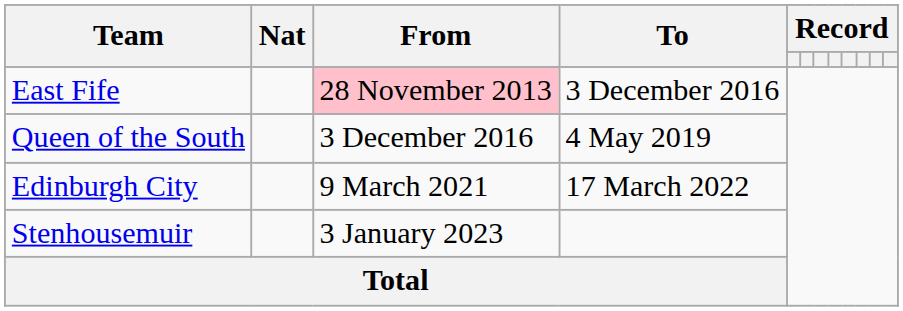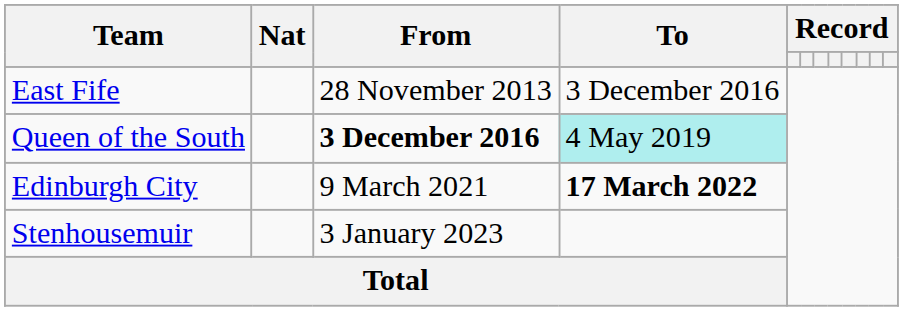 <table class="wikitable" style="text-align: center">
 <tr>
 <th rowspan="2">Team</th>
 <th rowspan="2">Nat</th>
 <th rowspan="2">From</th>
 <th rowspan="2">To</th>
 <th colspan="8">Record</th>
 </tr>
 <tr>
 <th></th>
 <th></th>
 <th></th>
 <th></th>
 <th></th>
 <th></th>
 <th></th>
 <th></th>
 </tr>
 <tr>
 <td align=left><a href='#'>East Fife</a></td>
 <td></td>
-<td align=left style="background: pink;">28 November 2013</td>
+<td align=left>28 November 2013</td>
 <td align=left>3 December 2016<br></td>
 </tr>
 <tr>
 <td align=left><a href='#'>Queen of the South</a></td>
 <td></td>
-<td align=left>3 December 2016</td>
-<td align=left>4 May 2019<br></td>
+<td align=left><strong>3 December 2016</strong></td>
+<td align=left style="background: paleturquoise;">4 May 2019<br></td>
 </tr>
 <tr>
 <td align=left><a href='#'>Edinburgh City</a></td>
 <td></td>
 <td align=left>9 March 2021</td>
-<td align=left>17 March 2022<br></td>
+<td align=left><strong>17 March 2022<br></strong></td>
 </tr>
 <tr>
 <td align=left><a href='#'>Stenhousemuir</a></td>
 <td></td>
 <td align=left>3 January 2023</td>
 <td align=left><br></td>
 </tr>
 <tr>
 <th colspan=4>Total<br></th>
 </tr>
 </table>
